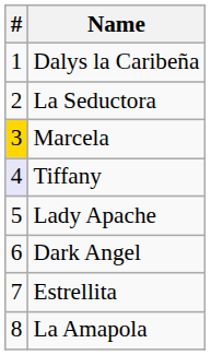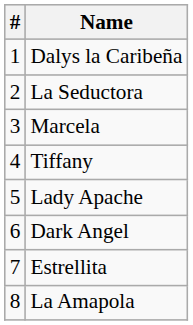 <table style="font-size: 85%" class="wikitable sortable">
 <tr>
 <th>#</th>
 <th>Name</th>
 </tr>
 <tr>
 <td>1</td>
 <td>Dalys la Caribeña</td>
 </tr>
 <tr>
 <td>2</td>
 <td>La Seductora</td>
 </tr>
 <tr>
-<td style="background: gold;">3</td>
+<td>3</td>
 <td>Marcela</td>
 </tr>
 <tr>
-<td style="background: lavender;">4</td>
+<td>4</td>
 <td>Tiffany</td>
 </tr>
 <tr>
 <td>5</td>
 <td>Lady Apache</td>
 </tr>
 <tr>
 <td>6</td>
 <td>Dark Angel</td>
 </tr>
 <tr>
 <td>7</td>
 <td>Estrellita</td>
 </tr>
 <tr>
 <td>8</td>
 <td>La Amapola</td>
 </tr>
 </table>
